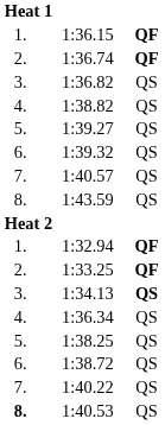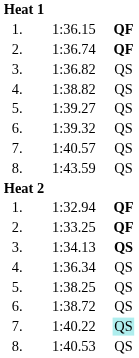 <table style="text-align:center">
 <tr>
 <td colspan=4 align=left><strong>Heat 1</strong></td>
 </tr>
 <tr>
 <td width=30>1.</td>
 <td align=left></td>
 <td width=80>1:36.15</td>
 <td><strong>QF</strong></td>
 </tr>
 <tr>
 <td>2.</td>
 <td align=left></td>
 <td>1:36.74</td>
 <td><strong>QF</strong></td>
 </tr>
 <tr>
 <td>3.</td>
 <td align=left></td>
 <td>1:36.82</td>
 <td>QS</td>
 </tr>
 <tr>
 <td>4.</td>
 <td align=left></td>
 <td>1:38.82</td>
 <td>QS</td>
 </tr>
 <tr>
 <td>5.</td>
 <td align=left></td>
 <td>1:39.27</td>
 <td>QS</td>
 </tr>
 <tr>
 <td>6.</td>
 <td align=left></td>
 <td>1:39.32</td>
 <td>QS</td>
 </tr>
 <tr>
 <td>7.</td>
 <td align=left></td>
 <td>1:40.57</td>
 <td>QS</td>
 </tr>
 <tr>
 <td>8.</td>
 <td align=left></td>
 <td>1:43.59</td>
 <td>QS</td>
 </tr>
 <tr>
 <td colspan=4 align=left><strong>Heat 2</strong></td>
 </tr>
 <tr>
 <td>1.</td>
 <td align=left></td>
 <td>1:32.94</td>
 <td><strong>QF</strong></td>
 </tr>
 <tr>
 <td>2.</td>
 <td align=left></td>
 <td>1:33.25</td>
 <td><strong>QF</strong></td>
 </tr>
 <tr>
 <td>3.</td>
 <td align=left></td>
 <td>1:34.13</td>
 <td><strong>QS</strong></td>
 </tr>
 <tr>
 <td>4.</td>
 <td align=left></td>
 <td>1:36.34</td>
 <td>QS</td>
 </tr>
 <tr>
 <td>5.</td>
 <td align=left></td>
 <td>1:38.25</td>
 <td>QS</td>
 </tr>
 <tr>
 <td>6.</td>
 <td align=left></td>
 <td>1:38.72</td>
 <td>QS</td>
 </tr>
 <tr>
 <td>7.</td>
 <td align=left></td>
 <td>1:40.22</td>
-<td>QS</td>
+<td style="background: paleturquoise;">QS</td>
 </tr>
 <tr>
-<td><strong>8.</strong></td>
+<td>8.</td>
 <td align=left></td>
 <td>1:40.53</td>
 <td>QS</td>
 </tr>
 </table>
